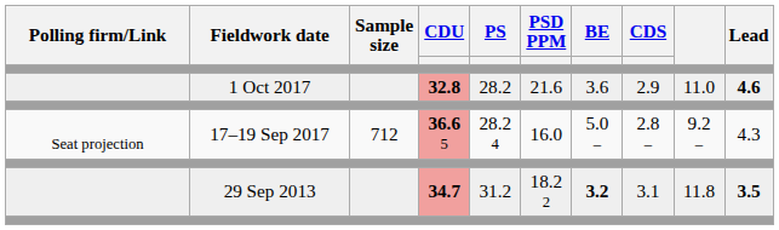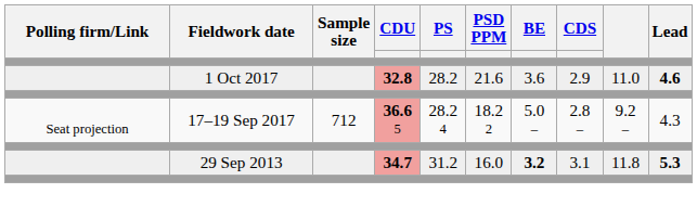 <table class="wikitable collapsible sortable" style="text-align:center; font-size:95%; line-height:16px;">
 <tr style="height:42px;">
 <th style="width:145px;" rowspan="2">Polling firm/Link</th>
 <th style="width:125px;" rowspan="2">Fieldwork date</th>
 <th class="unsortable" style="width:50px;" rowspan="2">Sample size</th>
 <th class="unsortable" style="width:35px;"><a href='#'>CDU</a></th>
 <th class="unsortable" style="width:35px;"><a href='#'>PS</a></th>
 <th class="unsortable" style="width:35px;"><a href='#'>PSD</a><br><a href='#'>PPM</a></th>
 <th class="unsortable" style="width:35px;"><a href='#'>BE</a></th>
 <th class="unsortable" style="width:35px;"><a href='#'>CDS</a></th>
 <th class="unsortable" style="width:35px;" rowspan="2"></th>
 <th class="unsortable" style="width:30px;" rowspan="2">Lead</th>
 </tr>
 <tr>
 <th class="unsortable" style="color:inherit;background:"></th>
 <th class="unsortable" style="color:inherit;background:"></th>
 <th class="unsortable" style="color:inherit;background:"></th>
 <th class="unsortable" style="color:inherit;background:"></th>
 <th class="unsortable" style="color:inherit;background:"></th>
 </tr>
 <tr>
 <td colspan="11" style="background:#A0A0A0"></td>
 </tr>
 <tr style="background:#EFEFEF;">
 <td><strong></strong></td>
 <td data-sort-value="2019-10-06">1 Oct 2017</td>
 <td></td>
 <td style="background:#F1A09E"><strong>32.8</strong><br></td>
 <td>28.2<br></td>
 <td>21.6<br></td>
 <td>3.6<br></td>
 <td>2.9<br></td>
 <td>11.0<br></td>
 <td style="background:"><strong>4.6</strong></td>
 </tr>
 <tr>
 <td colspan="11" style="background:#A0A0A0"></td>
 </tr>
 <tr>
 <td align="center"><br><small>Seat projection</small></td>
 <td align="center">17–19 Sep 2017</td>
 <td>712</td>
 <td align="center" style="background:#F1A09E"><strong>36.6</strong><br><small>5</small></td>
 <td align="center">28.2<br><small>4</small></td>
-<td>16.0<br></td>
+<td align="center">18.2<br><small>2</small></td>
 <td align="center">5.0<br><small>–</small></td>
 <td align="center">2.8<br><small>–</small></td>
 <td align="center">9.2<br><small>–</small></td>
 <td style="background:">4.3</td>
 </tr>
 <tr>
 <td colspan="11" style="background:#A0A0A0"></td>
 </tr>
 <tr style="background:#EFEFEF;">
 <td><strong></strong></td>
 <td data-sort-value="2019-10-06">29 Sep 2013</td>
 <td></td>
 <td style="background:#F1A09E"><strong>34.7</strong><br></td>
 <td>31.2<br></td>
-<td align="center">18.2<br><small>2</small></td>
+<td>16.0<br></td>
 <td><strong>3.2<br></strong></td>
 <td>3.1<br></td>
 <td>11.8<br></td>
-<td style="background:"><strong>3.5</strong></td>
+<td style="background:"><strong>5.3</strong></td>
 </tr>
 <tr>
 <td colspan="11" style="background:#A0A0A0"></td>
 </tr>
 </table>
